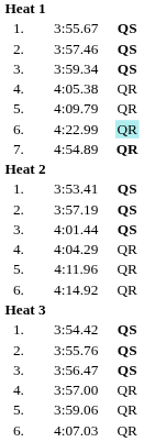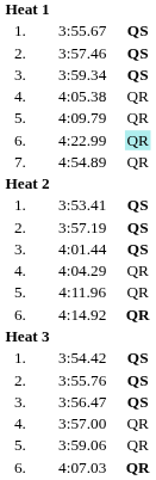 <table style="text-align:center">
 <tr>
 <td colspan=4 align=left><strong>Heat 1</strong></td>
 </tr>
 <tr>
 <td width=30>1.</td>
 <td align=left></td>
 <td width=80>3:55.67</td>
 <td><strong>QS</strong></td>
 </tr>
 <tr>
 <td>2.</td>
 <td align=left></td>
 <td>3:57.46</td>
 <td><strong>QS</strong></td>
 </tr>
 <tr>
 <td>3.</td>
 <td align=left></td>
 <td>3:59.34</td>
 <td><strong>QS</strong></td>
 </tr>
 <tr>
 <td>4.</td>
 <td align=left></td>
 <td>4:05.38</td>
 <td>QR</td>
 </tr>
 <tr>
 <td>5.</td>
 <td align=left></td>
 <td>4:09.79</td>
 <td>QR</td>
 </tr>
 <tr>
 <td>6.</td>
 <td align=left></td>
 <td>4:22.99</td>
 <td style="background: paleturquoise;">QR</td>
 </tr>
 <tr>
 <td>7.</td>
 <td align=left></td>
 <td>4:54.89</td>
-<td><strong>QR</strong></td>
+<td>QR</td>
 </tr>
 <tr>
 <td colspan=4 align=left><strong>Heat 2</strong></td>
 </tr>
 <tr>
 <td>1.</td>
 <td align=left></td>
 <td>3:53.41</td>
 <td><strong>QS</strong></td>
 </tr>
 <tr>
 <td>2.</td>
 <td align=left></td>
 <td>3:57.19</td>
 <td><strong>QS</strong></td>
 </tr>
 <tr>
 <td>3.</td>
 <td align=left></td>
 <td>4:01.44</td>
 <td><strong>QS</strong></td>
 </tr>
 <tr>
 <td>4.</td>
 <td align=left></td>
 <td>4:04.29</td>
 <td>QR</td>
 </tr>
 <tr>
 <td>5.</td>
 <td align=left></td>
 <td>4:11.96</td>
 <td>QR</td>
 </tr>
 <tr>
 <td>6.</td>
 <td align=left></td>
 <td>4:14.92</td>
-<td>QR</td>
+<td><strong>QR</strong></td>
 </tr>
 <tr>
 <td colspan=4 align=left><strong>Heat 3</strong></td>
 </tr>
 <tr>
 <td>1.</td>
 <td align=left></td>
 <td>3:54.42</td>
 <td><strong>QS</strong></td>
 </tr>
 <tr>
 <td>2.</td>
 <td align=left></td>
 <td>3:55.76</td>
 <td><strong>QS</strong></td>
 </tr>
 <tr>
 <td>3.</td>
 <td align=left></td>
 <td>3:56.47</td>
 <td><strong>QS</strong></td>
 </tr>
 <tr>
 <td>4.</td>
 <td align=left></td>
 <td>3:57.00</td>
 <td>QR</td>
 </tr>
 <tr>
 <td>5.</td>
 <td align=left></td>
 <td>3:59.06</td>
 <td>QR</td>
 </tr>
 <tr>
 <td>6.</td>
 <td align=left></td>
 <td>4:07.03</td>
-<td>QR</td>
+<td><strong>QR</strong></td>
 </tr>
 </table>
